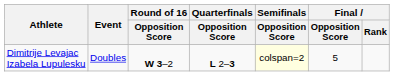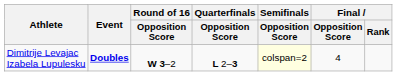 <table class=wikitable style="font-size:90%">
 <tr>
 <th rowspan="2">Athlete</th>
 <th rowspan="2">Event</th>
 <th>Round of 16</th>
 <th>Quarterfinals</th>
 <th>Semifinals</th>
 <th colspan=2>Final / </th>
 </tr>
 <tr style="font-size:95%">
 <th>Opposition<br>Score</th>
 <th>Opposition<br>Score</th>
 <th>Opposition<br>Score</th>
 <th>Opposition<br>Score</th>
 <th>Rank</th>
 </tr>
 <tr align=center>
 <td align=left><a href='#'>Dimitrije Levajac</a><br><a href='#'>Izabela Lupulesku</a></td>
-<td align=left><a href='#'>Doubles</a></td>
+<td align=left><strong><a href='#'>Doubles</a></strong></td>
 <td><br><strong>W</strong> <strong>3</strong>–2</td>
 <td><br> <strong>L</strong> 2–<strong>3</strong></td>
 <td style="background: lightyellow;">colspan=2 </td>
-<td>5</td>
+<td>4</td>
 </tr>
 </table>
